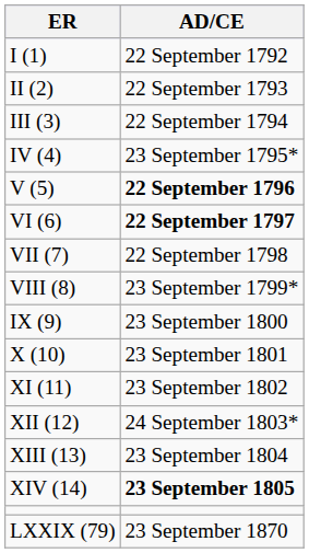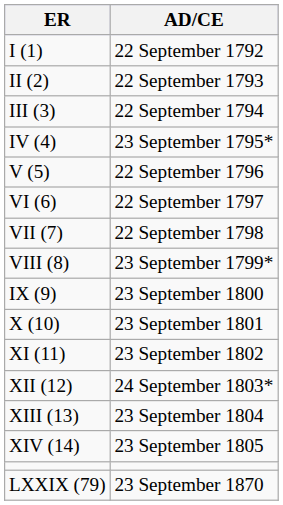 <table class="wikitable">
 <tr style="background:#CCCCFF;">
 <th>ER</th>
 <th>AD/CE</th>
 </tr>
 <tr>
 <td>I (1)</td>
 <td>22 September 1792</td>
 </tr>
 <tr>
 <td>II (2)</td>
 <td>22 September 1793</td>
 </tr>
 <tr>
 <td>III (3)</td>
 <td> 22 September 1794</td>
 </tr>
 <tr>
 <td>IV (4)</td>
 <td>23 September 1795*</td>
 </tr>
 <tr>
 <td>V (5)</td>
-<td><strong>22 September 1796</strong></td>
+<td>22 September 1796</td>
 </tr>
 <tr>
 <td>VI (6)</td>
-<td><strong>22 September 1797</strong></td>
+<td>22 September 1797</td>
 </tr>
 <tr>
 <td>VII (7)</td>
 <td> 22 September 1798</td>
 </tr>
 <tr>
 <td>VIII (8)</td>
 <td>23 September 1799*</td>
 </tr>
 <tr>
 <td>IX (9)</td>
 <td>23 September 1800</td>
 </tr>
 <tr>
 <td>X (10)</td>
 <td>23 September 1801</td>
 </tr>
 <tr>
 <td>XI (11)</td>
 <td> 23 September 1802</td>
 </tr>
 <tr>
 <td>XII (12)</td>
 <td>24 September 1803*</td>
 </tr>
 <tr>
 <td>XIII (13)</td>
 <td>23 September 1804</td>
 </tr>
 <tr>
 <td>XIV (14)</td>
-<td><strong>23 September 1805</strong></td>
+<td>23 September 1805</td>
 </tr>
 <tr>
 <td></td>
 <td></td>
 </tr>
 <tr>
 <td>LXXIX (79)</td>
 <td>23 September 1870</td>
 </tr>
 </table>
